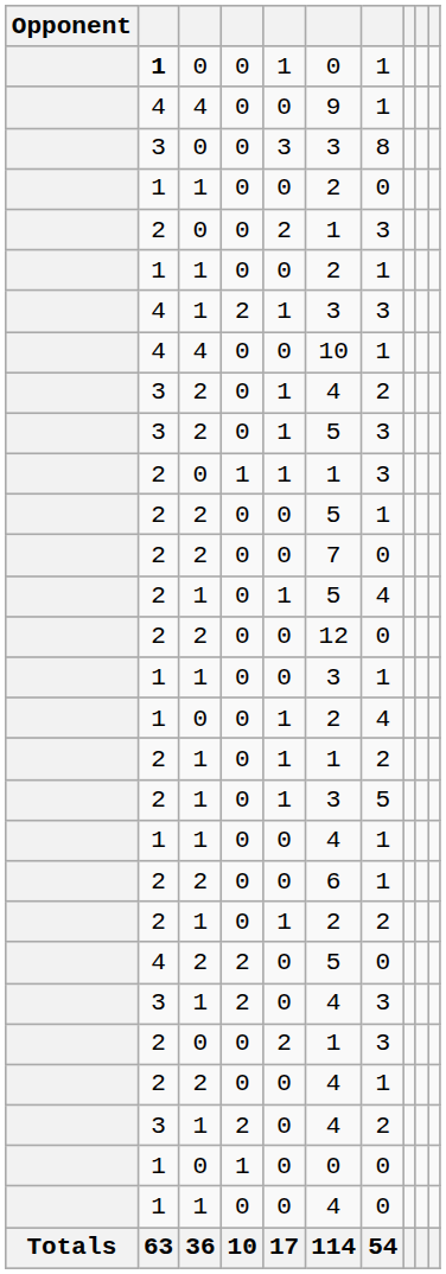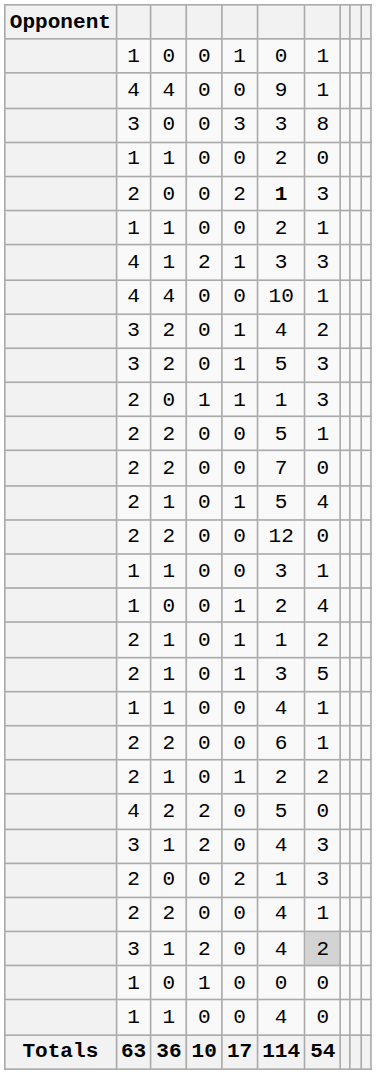 <table class="wikitable plainrowheaders sortable" style="text-align:center">
 <tr>
 <th scope=col>Opponent</th>
 <th scope=col></th>
 <th scope=col></th>
 <th scope=col></th>
 <th scope=col></th>
 <th scope=col></th>
 <th scope=col></th>
 <th scope=col></th>
 <th scope=col></th>
 <th scope=col></th>
 </tr>
 <tr>
 <th scope=row style="text-align:left;"></th>
-<td><strong>1</strong></td>
+<td>1</td>
 <td>0</td>
 <td>0</td>
 <td>1</td>
 <td>0</td>
 <td>1</td>
 <td></td>
 <td></td>
 <td></td>
 </tr>
 <tr>
 <th scope=row style="text-align:left;"></th>
 <td>4</td>
 <td>4</td>
 <td>0</td>
 <td>0</td>
 <td>9</td>
 <td>1</td>
 <td></td>
 <td></td>
 <td></td>
 </tr>
 <tr>
 <th scope=row style="text-align:left;"></th>
 <td>3</td>
 <td>0</td>
 <td>0</td>
 <td>3</td>
 <td>3</td>
 <td>8</td>
 <td></td>
 <td></td>
 <td></td>
 </tr>
 <tr>
 <th scope=row style="text-align:left;"></th>
 <td>1</td>
 <td>1</td>
 <td>0</td>
 <td>0</td>
 <td>2</td>
 <td>0</td>
 <td></td>
 <td></td>
 <td></td>
 </tr>
 <tr>
 <th scope=row style="text-align:left;"></th>
 <td>2</td>
 <td>0</td>
 <td>0</td>
 <td>2</td>
-<td>1</td>
+<td><strong>1</strong></td>
 <td>3</td>
 <td></td>
 <td></td>
 <td></td>
 </tr>
 <tr>
 <th scope=row style="text-align:left;"></th>
 <td>1</td>
 <td>1</td>
 <td>0</td>
 <td>0</td>
 <td>2</td>
 <td>1</td>
 <td></td>
 <td></td>
 <td></td>
 </tr>
 <tr>
 <th scope=row style="text-align:left;"></th>
 <td>4</td>
 <td>1</td>
 <td>2</td>
 <td>1</td>
 <td>3</td>
 <td>3</td>
 <td></td>
 <td></td>
 <td></td>
 </tr>
 <tr>
 <th scope=row style="text-align:left;"></th>
 <td>4</td>
 <td>4</td>
 <td>0</td>
 <td>0</td>
 <td>10</td>
 <td>1</td>
 <td></td>
 <td></td>
 <td></td>
 </tr>
 <tr>
 <th scope=row style="text-align:left;"></th>
 <td>3</td>
 <td>2</td>
 <td>0</td>
 <td>1</td>
 <td>4</td>
 <td>2</td>
 <td></td>
 <td></td>
 <td></td>
 </tr>
 <tr>
 <th scope=row style="text-align:left;"></th>
 <td>3</td>
 <td>2</td>
 <td>0</td>
 <td>1</td>
 <td>5</td>
 <td>3</td>
 <td></td>
 <td></td>
 <td></td>
 </tr>
 <tr>
 <th scope=row style="text-align:left;"></th>
 <td>2</td>
 <td>0</td>
 <td>1</td>
 <td>1</td>
 <td>1</td>
 <td>3</td>
 <td></td>
 <td></td>
 <td></td>
 </tr>
 <tr>
 <th scope=row style="text-align:left;"></th>
 <td>2</td>
 <td>2</td>
 <td>0</td>
 <td>0</td>
 <td>5</td>
 <td>1</td>
 <td></td>
 <td></td>
 <td></td>
 </tr>
 <tr>
 <th scope=row style="text-align:left;"></th>
 <td>2</td>
 <td>2</td>
 <td>0</td>
 <td>0</td>
 <td>7</td>
 <td>0</td>
 <td></td>
 <td></td>
 <td></td>
 </tr>
 <tr>
 <th scope=row style="text-align:left;"></th>
 <td>2</td>
 <td>1</td>
 <td>0</td>
 <td>1</td>
 <td>5</td>
 <td>4</td>
 <td></td>
 <td></td>
 <td></td>
 </tr>
 <tr>
 <th scope=row style="text-align:left;"></th>
 <td>2</td>
 <td>2</td>
 <td>0</td>
 <td>0</td>
 <td>12</td>
 <td>0</td>
 <td></td>
 <td></td>
 <td></td>
 </tr>
 <tr>
 <th scope=row style="text-align:left;"></th>
 <td>1</td>
 <td>1</td>
 <td>0</td>
 <td>0</td>
 <td>3</td>
 <td>1</td>
 <td></td>
 <td></td>
 <td></td>
 </tr>
 <tr>
 <th scope=row style="text-align:left;"></th>
 <td>1</td>
 <td>0</td>
 <td>0</td>
 <td>1</td>
 <td>2</td>
 <td>4</td>
 <td></td>
 <td></td>
 <td></td>
 </tr>
 <tr>
 <th scope=row style="text-align:left;"></th>
 <td>2</td>
 <td>1</td>
 <td>0</td>
 <td>1</td>
 <td>1</td>
 <td>2</td>
 <td></td>
 <td></td>
 <td></td>
 </tr>
 <tr>
 <th scope=row style="text-align:left;"></th>
 <td>2</td>
 <td>1</td>
 <td>0</td>
 <td>1</td>
 <td>3</td>
 <td>5</td>
 <td></td>
 <td></td>
 <td></td>
 </tr>
 <tr>
 <th scope=row style="text-align:left;"></th>
 <td>1</td>
 <td>1</td>
 <td>0</td>
 <td>0</td>
 <td>4</td>
 <td>1</td>
 <td></td>
 <td></td>
 <td></td>
 </tr>
 <tr>
 <th scope=row style="text-align:left;"></th>
 <td>2</td>
 <td>2</td>
 <td>0</td>
 <td>0</td>
 <td>6</td>
 <td>1</td>
 <td></td>
 <td></td>
 <td></td>
 </tr>
 <tr>
 <th scope=row style="text-align:left;"></th>
 <td>2</td>
 <td>1</td>
 <td>0</td>
 <td>1</td>
 <td>2</td>
 <td>2</td>
 <td></td>
 <td></td>
 <td></td>
 </tr>
 <tr>
 <th scope=row style="text-align:left;"></th>
 <td>4</td>
 <td>2</td>
 <td>2</td>
 <td>0</td>
 <td>5</td>
 <td>0</td>
 <td></td>
 <td></td>
 <td></td>
 </tr>
 <tr>
 <th scope=row style="text-align:left;"></th>
 <td>3</td>
 <td>1</td>
 <td>2</td>
 <td>0</td>
 <td>4</td>
 <td>3</td>
 <td></td>
 <td></td>
 <td></td>
 </tr>
 <tr>
 <th scope=row style="text-align:left;"></th>
 <td>2</td>
 <td>0</td>
 <td>0</td>
 <td>2</td>
 <td>1</td>
 <td>3</td>
 <td></td>
 <td></td>
 <td></td>
 </tr>
 <tr>
 <th scope=row style="text-align:left;"></th>
 <td>2</td>
 <td>2</td>
 <td>0</td>
 <td>0</td>
 <td>4</td>
 <td>1</td>
 <td></td>
 <td></td>
 <td></td>
 </tr>
 <tr>
 <th scope=row style="text-align:left;"></th>
 <td>3</td>
 <td>1</td>
 <td>2</td>
 <td>0</td>
 <td>4</td>
-<td>2</td>
+<td style="background: lightgrey;">2</td>
 <td></td>
 <td></td>
 <td></td>
 </tr>
 <tr>
 <th scope=row style="text-align:left;"></th>
 <td>1</td>
 <td>0</td>
 <td>1</td>
 <td>0</td>
 <td>0</td>
 <td>0</td>
 <td></td>
 <td></td>
 <td></td>
 </tr>
 <tr>
 <th scope=row style="text-align:left;"></th>
 <td>1</td>
 <td>1</td>
 <td>0</td>
 <td>0</td>
 <td>4</td>
 <td>0</td>
 <td></td>
 <td></td>
 <td></td>
 </tr>
 <tr class="sortbottom">
 <th>Totals</th>
 <th>63</th>
 <th>36</th>
 <th>10</th>
 <th>17</th>
 <th>114</th>
 <th>54</th>
 <th></th>
 <th></th>
 <th></th>
 </tr>
 </table>
